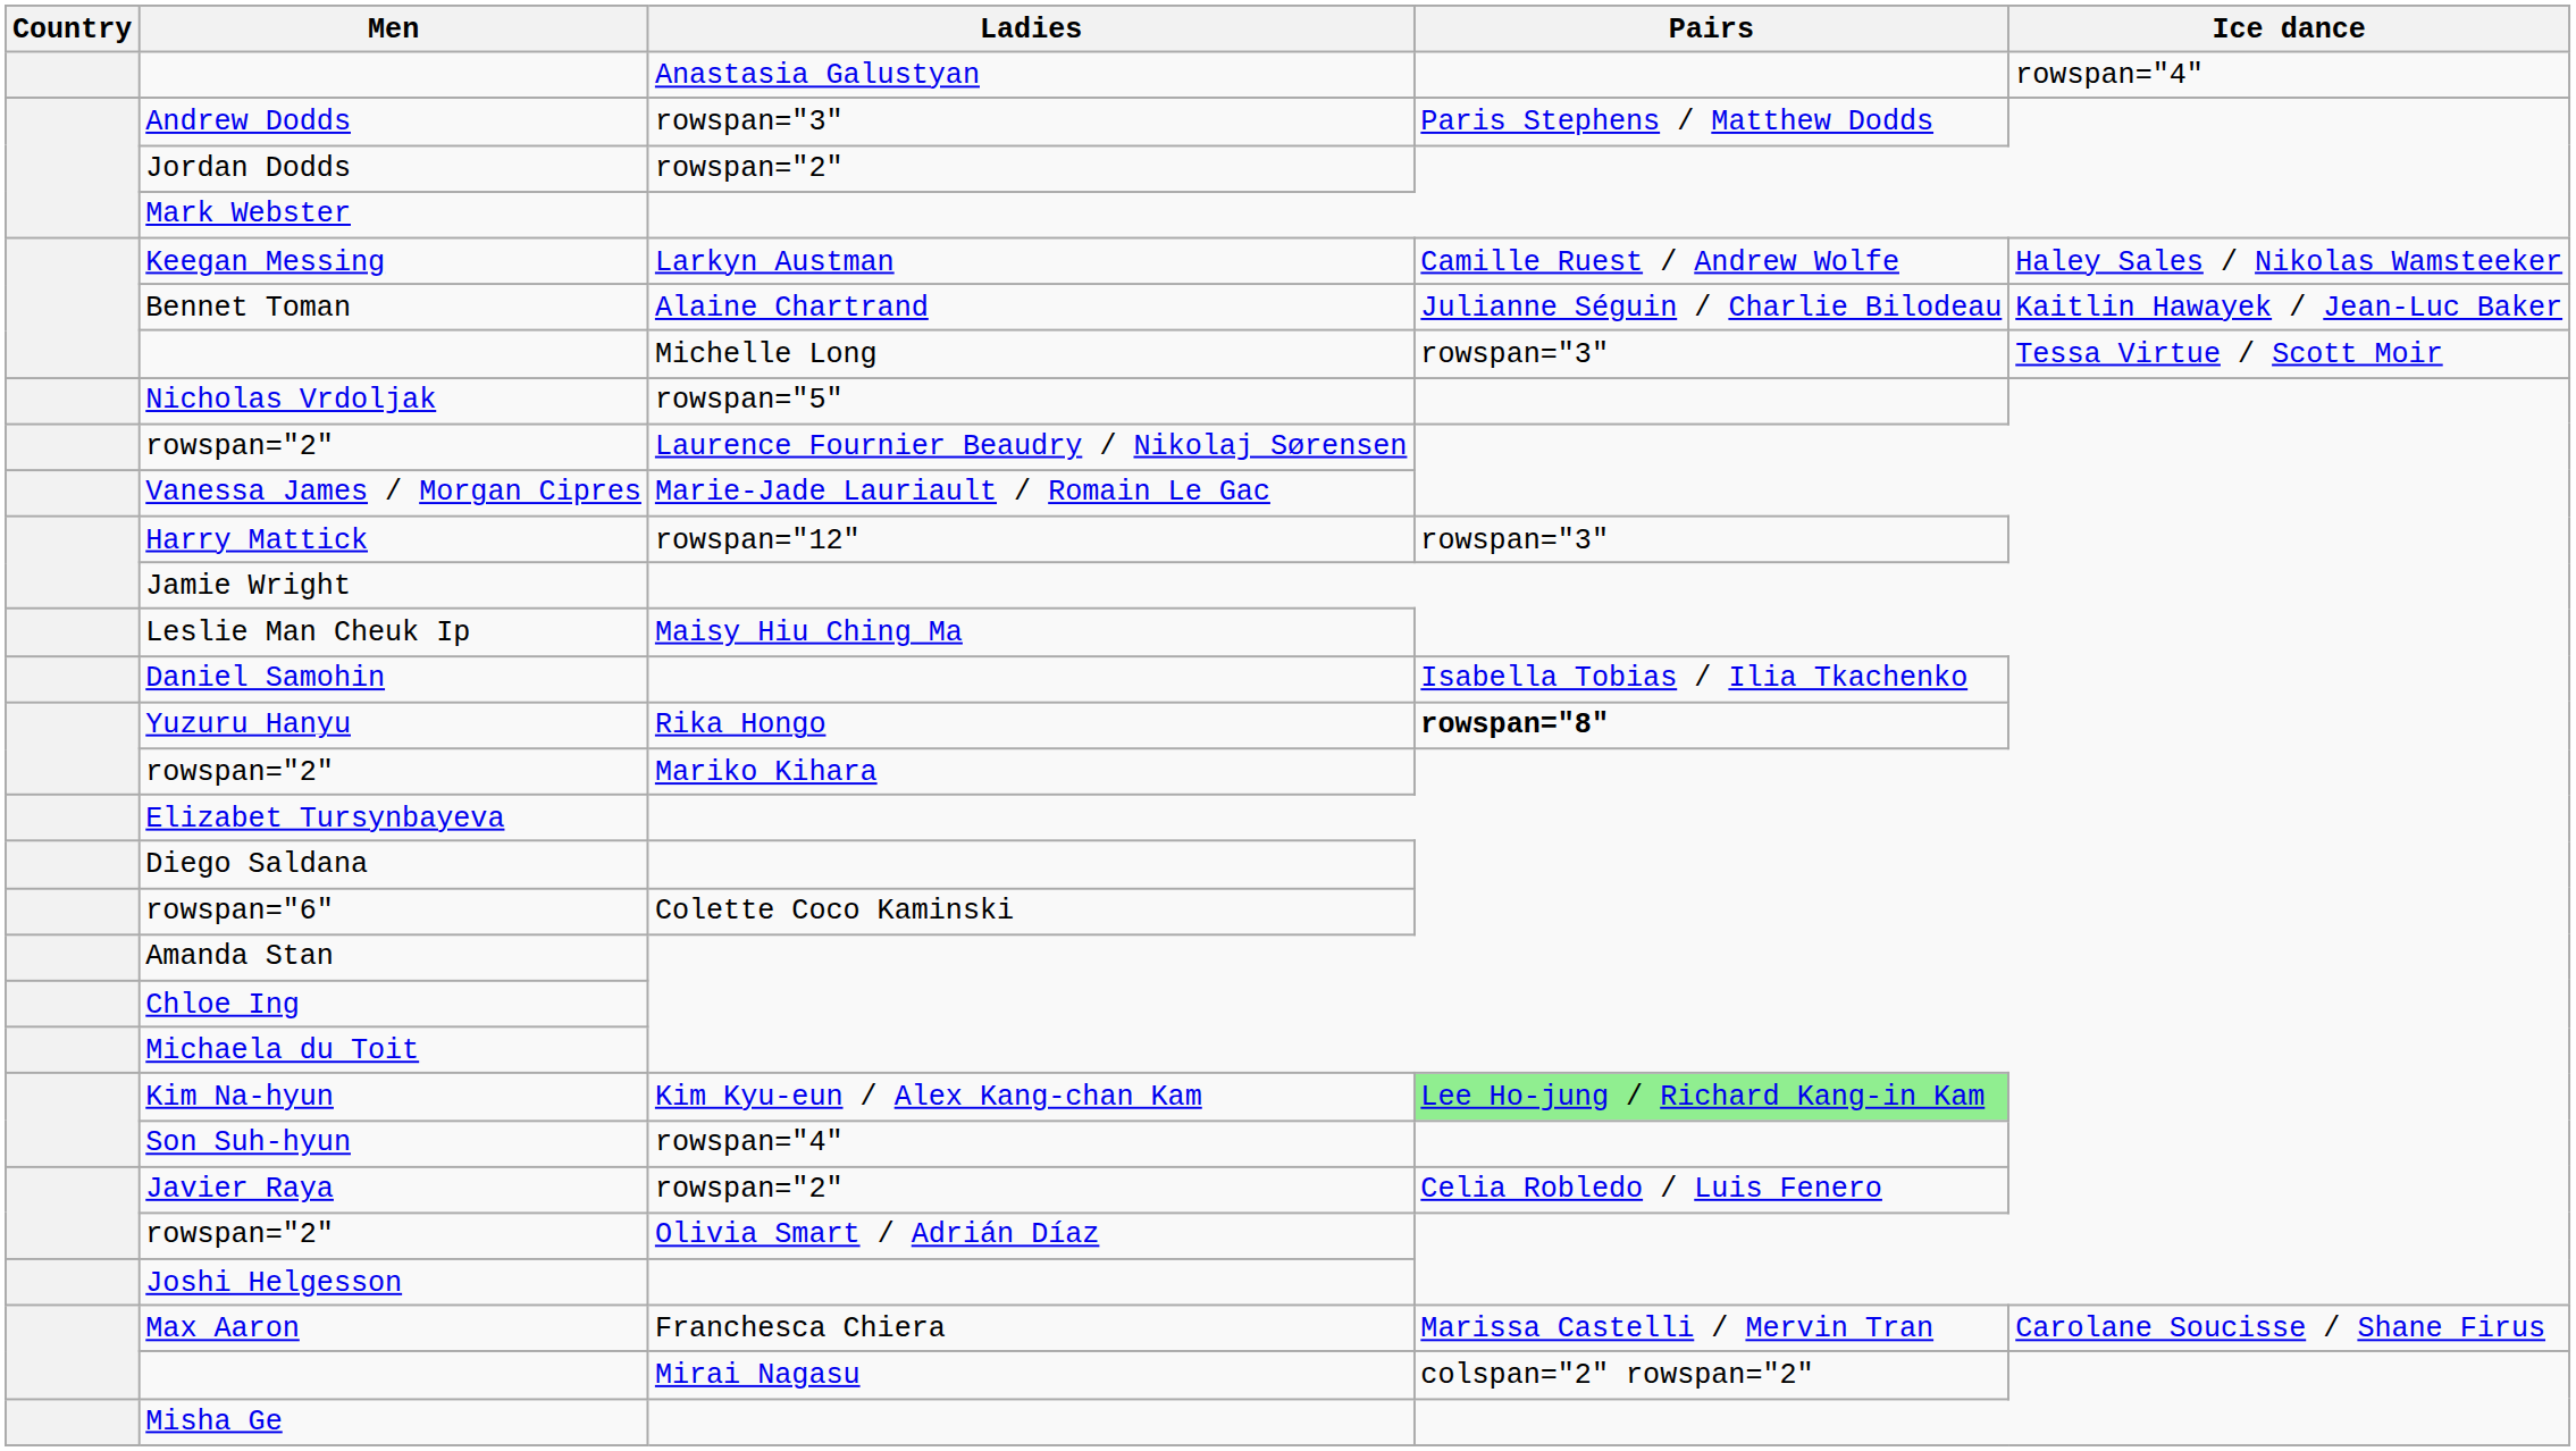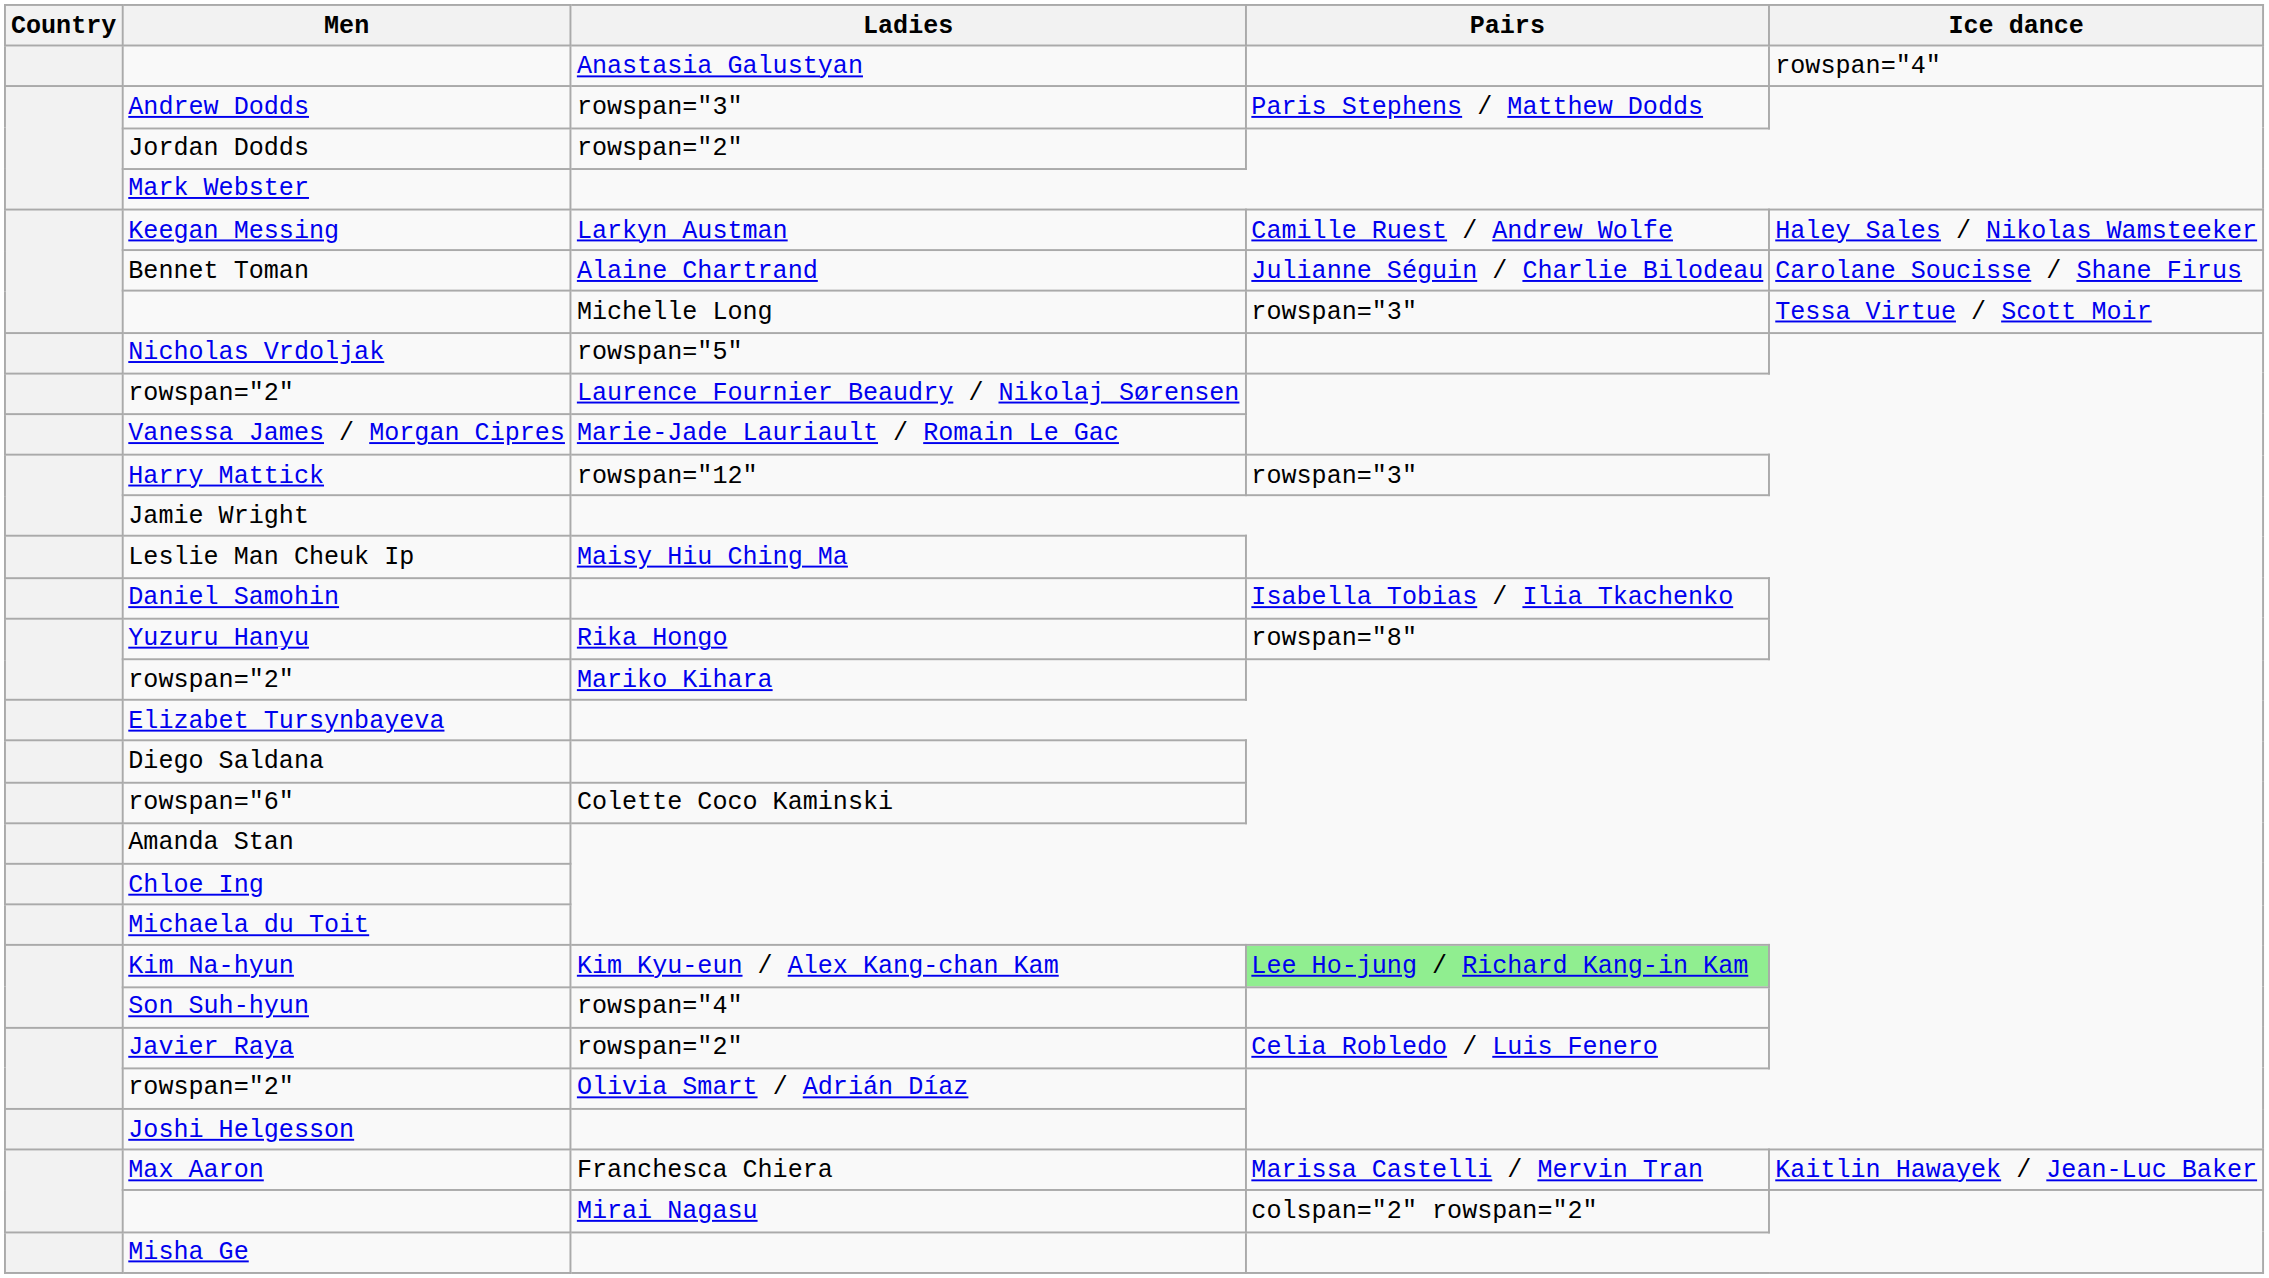 <table class="wikitable sortable" style="text-align:left">
 <tr>
 <th scope="col">Country</th>
 <th scope="col">Men</th>
 <th scope="col">Ladies</th>
 <th scope="col">Pairs</th>
 <th scope="col">Ice dance</th>
 </tr>
 <tr>
 <th scope="row" style="text-align:left"></th>
 <td></td>
 <td><a href='#'>Anastasia Galustyan</a></td>
 <td></td>
 <td>rowspan="4" </td>
 </tr>
 <tr>
 <th rowspan="3" scope="row" style="text-align:left"></th>
 <td><a href='#'>Andrew Dodds</a></td>
 <td>rowspan="3" </td>
 <td><a href='#'>Paris Stephens</a> / <a href='#'>Matthew Dodds</a></td>
 </tr>
 <tr>
 <td>Jordan Dodds</td>
 <td>rowspan="2" </td>
 </tr>
 <tr>
 <td><a href='#'>Mark Webster</a></td>
 </tr>
 <tr>
 <th rowspan="3" scope="row" style="text-align:left"></th>
 <td><a href='#'>Keegan Messing</a></td>
 <td><a href='#'>Larkyn Austman</a></td>
 <td><a href='#'>Camille Ruest</a> / <a href='#'>Andrew Wolfe</a></td>
 <td><a href='#'>Haley Sales</a> / <a href='#'>Nikolas Wamsteeker</a></td>
 </tr>
 <tr>
 <td>Bennet Toman</td>
 <td><a href='#'>Alaine Chartrand</a></td>
 <td><a href='#'>Julianne Séguin</a> / <a href='#'>Charlie Bilodeau</a></td>
-<td><a href='#'>Kaitlin Hawayek</a> / <a href='#'>Jean-Luc Baker</a></td>
+<td><a href='#'>Carolane Soucisse</a> / <a href='#'>Shane Firus</a></td>
 </tr>
 <tr>
 <td></td>
 <td>Michelle Long</td>
 <td>rowspan="3" </td>
 <td><a href='#'>Tessa Virtue</a> / <a href='#'>Scott Moir</a></td>
 </tr>
 <tr>
 <th scope="row" style="text-align:left"></th>
 <td><a href='#'>Nicholas Vrdoljak</a></td>
 <td>rowspan="5" </td>
 <td></td>
 </tr>
 <tr>
 <th scope="row" style="text-align:left"></th>
 <td>rowspan="2" </td>
 <td><a href='#'>Laurence Fournier Beaudry</a> / <a href='#'>Nikolaj Sørensen</a></td>
 </tr>
 <tr>
 <th scope="row" style="text-align:left"></th>
 <td><a href='#'>Vanessa James</a> / <a href='#'>Morgan Cipres</a></td>
 <td><a href='#'>Marie-Jade Lauriault</a> / <a href='#'>Romain Le Gac</a></td>
 </tr>
 <tr>
 <th rowspan="2" scope="row" style="text-align:left"></th>
 <td><a href='#'>Harry Mattick</a></td>
 <td>rowspan="12" </td>
 <td>rowspan="3" </td>
 </tr>
 <tr>
 <td>Jamie Wright</td>
 </tr>
 <tr>
 <th scope="row" style="text-align:left"></th>
 <td>Leslie Man Cheuk Ip</td>
 <td><a href='#'>Maisy Hiu Ching Ma</a></td>
 </tr>
 <tr>
 <th scope="row" style="text-align:left"></th>
 <td><a href='#'>Daniel Samohin</a></td>
 <td></td>
 <td><a href='#'>Isabella Tobias</a> / <a href='#'>Ilia Tkachenko</a></td>
 </tr>
 <tr>
 <th rowspan="2" scope="row" style="text-align:left"></th>
 <td><a href='#'>Yuzuru Hanyu</a></td>
 <td><a href='#'>Rika Hongo</a></td>
-<td><strong>rowspan="8" </strong></td>
+<td>rowspan="8" </td>
 </tr>
 <tr>
 <td>rowspan="2" </td>
 <td><a href='#'>Mariko Kihara</a></td>
 </tr>
 <tr>
 <th scope="row" style="text-align:left"></th>
 <td><a href='#'>Elizabet Tursynbayeva</a></td>
 </tr>
 <tr>
 <th scope="row" style="text-align:left"></th>
 <td>Diego Saldana</td>
 <td></td>
 </tr>
 <tr>
 <th scope="row" style="text-align:left"></th>
 <td>rowspan="6" </td>
 <td>Colette Coco Kaminski</td>
 </tr>
 <tr>
 <th scope="row" style="text-align:left"></th>
 <td>Amanda Stan</td>
 </tr>
 <tr>
 <th scope="row" style="text-align:left"></th>
 <td><a href='#'>Chloe Ing</a></td>
 </tr>
 <tr>
 <th scope="row" style="text-align:left"></th>
 <td><a href='#'>Michaela du Toit</a></td>
 </tr>
 <tr>
 <th rowspan="2" scope="row" style="text-align:left"></th>
 <td><a href='#'>Kim Na-hyun</a></td>
 <td><a href='#'>Kim Kyu-eun</a> / <a href='#'>Alex Kang-chan Kam</a></td>
 <td style="background: lightgreen;"><a href='#'>Lee Ho-jung</a> / <a href='#'>Richard Kang-in Kam</a></td>
 </tr>
 <tr>
 <td><a href='#'>Son Suh-hyun</a></td>
 <td>rowspan="4" </td>
 <td></td>
 </tr>
 <tr>
 <th rowspan="2" scope="row" style="text-align:left"></th>
 <td><a href='#'>Javier Raya</a></td>
 <td>rowspan="2" </td>
 <td><a href='#'>Celia Robledo</a> / <a href='#'>Luis Fenero</a></td>
 </tr>
 <tr>
 <td>rowspan="2" </td>
 <td><a href='#'>Olivia Smart</a> / <a href='#'>Adrián Díaz</a></td>
 </tr>
 <tr>
 <th scope="row" style="text-align:left"></th>
 <td><a href='#'>Joshi Helgesson</a></td>
 <td></td>
 </tr>
 <tr>
 <th rowspan="2" scope="row" style="text-align:left"></th>
 <td><a href='#'>Max Aaron</a></td>
 <td>Franchesca Chiera</td>
 <td><a href='#'>Marissa Castelli</a> / <a href='#'>Mervin Tran</a></td>
-<td><a href='#'>Carolane Soucisse</a> / <a href='#'>Shane Firus</a></td>
+<td><a href='#'>Kaitlin Hawayek</a> / <a href='#'>Jean-Luc Baker</a></td>
 </tr>
 <tr>
 <td></td>
 <td><a href='#'>Mirai Nagasu</a></td>
 <td>colspan="2" rowspan="2" </td>
 </tr>
 <tr>
 <th scope="row" style="text-align:left"></th>
 <td><a href='#'>Misha Ge</a></td>
 <td></td>
 </tr>
 </table>
